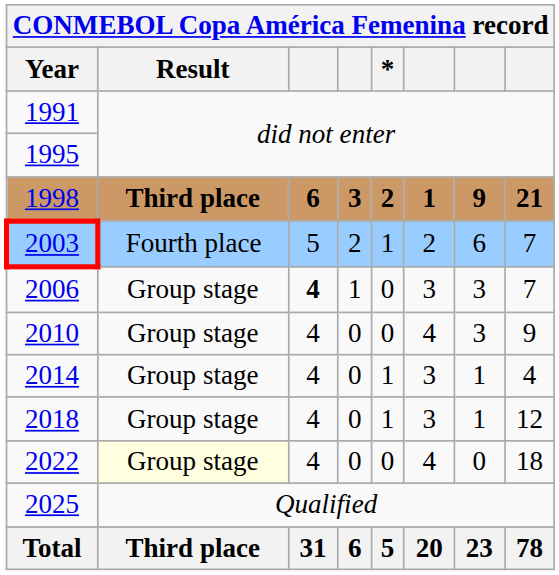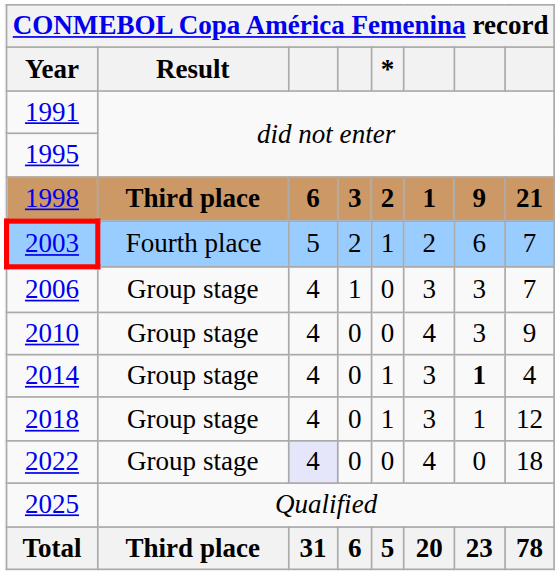 <table class="wikitable" style="text-align: center;">
 <tr>
 <th colspan="8"><a href='#'>CONMEBOL Copa América Femenina</a> record</th>
 </tr>
 <tr>
 <th>Year</th>
 <th>Result</th>
 <th></th>
 <th></th>
 <th>*</th>
 <th></th>
 <th></th>
 <th></th>
 </tr>
 <tr>
 <td> <a href='#'>1991</a></td>
 <td rowspan=2 colspan=7><em>did not enter</em></td>
 </tr>
 <tr>
 <td> <a href='#'>1995</a></td>
 </tr>
 <tr style="background:#c96;">
 <td> <a href='#'>1998</a></td>
 <td><strong>Third place</strong></td>
 <td><strong>6</strong></td>
 <td><strong>3</strong></td>
 <td><strong>2</strong></td>
 <td><strong>1</strong></td>
 <td><strong>9</strong></td>
 <td><strong>21</strong></td>
 </tr>
 <tr style="background:#9acdff;">
 <td style="border: 3px solid red"> <a href='#'>2003</a></td>
 <td>Fourth place</td>
 <td>5</td>
 <td>2</td>
 <td>1</td>
 <td>2</td>
 <td>6</td>
 <td>7</td>
 </tr>
 <tr>
 <td> <a href='#'>2006</a></td>
 <td>Group stage</td>
-<td><strong>4</strong></td>
+<td>4</td>
 <td>1</td>
 <td>0</td>
 <td>3</td>
 <td>3</td>
 <td>7</td>
 </tr>
 <tr>
 <td> <a href='#'>2010</a></td>
 <td>Group stage</td>
 <td>4</td>
 <td>0</td>
 <td>0</td>
 <td>4</td>
 <td>3</td>
 <td>9</td>
 </tr>
 <tr>
 <td> <a href='#'>2014</a></td>
 <td>Group stage</td>
 <td>4</td>
 <td>0</td>
 <td>1</td>
 <td>3</td>
-<td>1</td>
+<td><strong>1</strong></td>
 <td>4</td>
 </tr>
 <tr>
 <td> <a href='#'>2018</a></td>
 <td>Group stage</td>
 <td>4</td>
 <td>0</td>
 <td>1</td>
 <td>3</td>
 <td>1</td>
 <td>12</td>
 </tr>
 <tr>
 <td> <a href='#'>2022</a></td>
-<td style="background: lightyellow;">Group stage</td>
-<td>4</td>
+<td>Group stage</td>
+<td style="background: lavender;">4</td>
 <td>0</td>
 <td>0</td>
 <td>4</td>
 <td>0</td>
 <td>18</td>
 </tr>
 <tr>
 <td> <a href='#'>2025</a></td>
 <td colspan=7><em>Qualified</em></td>
 </tr>
 <tr>
 <th>Total</th>
 <th>Third place</th>
 <th>31</th>
 <th>6</th>
 <th>5</th>
 <th>20</th>
 <th>23</th>
 <th>78</th>
 </tr>
 </table>
